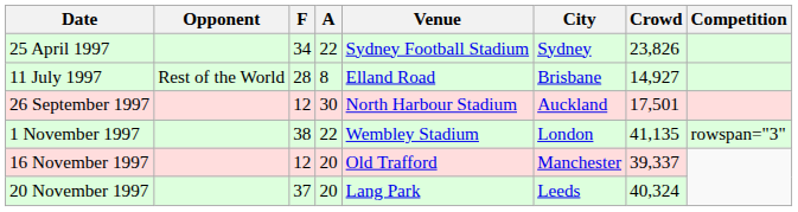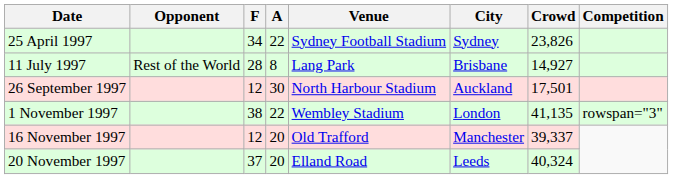 <table class="wikitable sortable">
 <tr>
 <th>Date</th>
 <th>Opponent</th>
 <th>F</th>
 <th>A</th>
 <th>Venue</th>
 <th>City</th>
 <th>Crowd</th>
 <th>Competition</th>
 </tr>
 <tr style="background:#ddffdd;">
 <td>25 April 1997</td>
 <td></td>
 <td>34</td>
 <td>22</td>
 <td><a href='#'>Sydney Football Stadium</a></td>
 <td><a href='#'>Sydney</a></td>
 <td>23,826</td>
 <td></td>
 </tr>
 <tr style="background:#ddffdd;">
 <td>11 July 1997</td>
 <td> Rest of the World</td>
 <td>28</td>
 <td>8</td>
-<td><a href='#'>Elland Road</a></td>
+<td><a href='#'>Lang Park</a></td>
 <td><a href='#'>Brisbane</a></td>
 <td>14,927</td>
 <td></td>
 </tr>
 <tr style="background:#ffdddd;">
 <td>26 September 1997</td>
 <td></td>
 <td>12</td>
 <td>30</td>
 <td><a href='#'>North Harbour Stadium</a></td>
 <td><a href='#'>Auckland</a></td>
 <td>17,501</td>
 <td></td>
 </tr>
 <tr style="background:#ddffdd;">
 <td>1 November 1997</td>
 <td></td>
 <td>38</td>
 <td>22</td>
 <td><a href='#'>Wembley Stadium</a></td>
 <td><a href='#'>London</a></td>
 <td>41,135</td>
 <td>rowspan="3" </td>
 </tr>
 <tr style="background:#ffdddd;">
 <td>16 November 1997</td>
 <td></td>
 <td>12</td>
 <td>20</td>
 <td><a href='#'>Old Trafford</a></td>
 <td><a href='#'>Manchester</a></td>
 <td>39,337</td>
 </tr>
 <tr style="background:#ddffdd;">
 <td>20 November 1997</td>
 <td></td>
 <td>37</td>
 <td>20</td>
-<td><a href='#'>Lang Park</a></td>
+<td><a href='#'>Elland Road</a></td>
 <td><a href='#'>Leeds</a></td>
 <td>40,324</td>
 </tr>
 </table>
